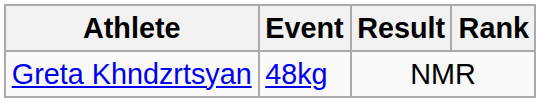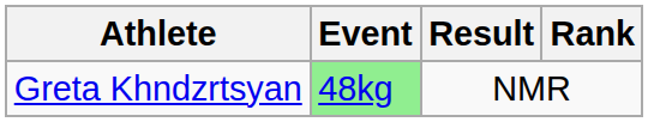 <table class=wikitable style="font-size:90%">
 <tr>
 <th>Athlete</th>
 <th>Event</th>
 <th>Result</th>
 <th>Rank</th>
 </tr>
 <tr>
 <td><a href='#'>Greta Khndzrtsyan</a></td>
-<td><a href='#'>48kg</a></td>
+<td style="background: lightgreen;"><a href='#'>48kg</a></td>
 <td style="text-align:center;" colspan="2">NMR</td>
 </tr>
 </table>
